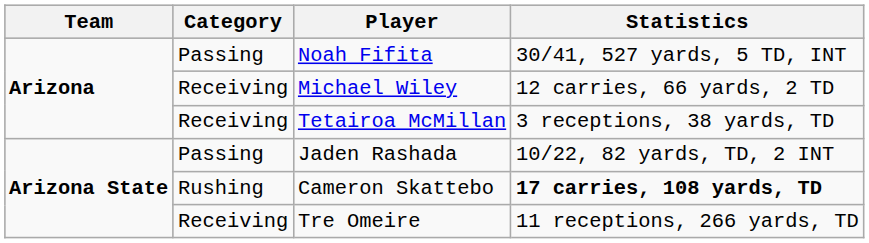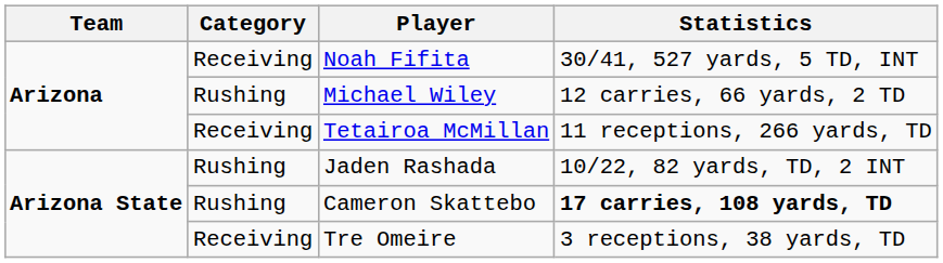 <table class="wikitable" style="float: right;">
 <tr>
 <th>Team</th>
 <th>Category</th>
 <th>Player</th>
 <th>Statistics</th>
 </tr>
 <tr>
 <td rowspan=3><strong>Arizona</strong></td>
-<td>Passing</td>
+<td>Receiving</td>
 <td><a href='#'>Noah Fifita</a></td>
 <td>30/41, 527 yards, 5 TD, INT</td>
 </tr>
 <tr>
-<td>Receiving</td>
+<td>Rushing</td>
 <td><a href='#'>Michael Wiley</a></td>
 <td>12 carries, 66 yards, 2 TD</td>
 </tr>
 <tr>
 <td>Receiving</td>
 <td><a href='#'>Tetairoa McMillan</a></td>
-<td>3 receptions, 38 yards, TD</td>
+<td>11 receptions, 266 yards, TD</td>
 </tr>
 <tr>
 <td rowspan=3><strong>Arizona State</strong></td>
-<td>Passing</td>
+<td>Rushing</td>
 <td>Jaden Rashada</td>
 <td>10/22, 82 yards, TD, 2 INT</td>
 </tr>
 <tr>
 <td>Rushing</td>
 <td>Cameron Skattebo</td>
 <td><strong>17 carries, 108 yards, TD</strong></td>
 </tr>
 <tr>
 <td>Receiving</td>
 <td>Tre Omeire</td>
-<td>11 receptions, 266 yards, TD</td>
+<td>3 receptions, 38 yards, TD</td>
 </tr>
 </table>
